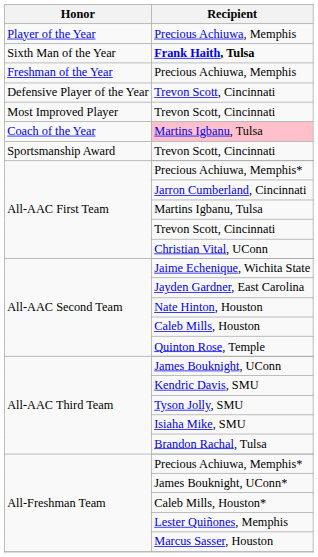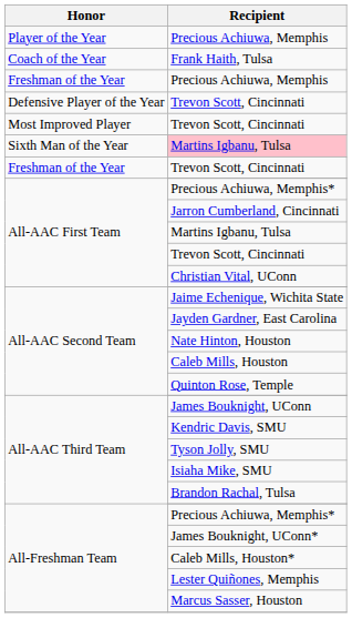 <table class="wikitable" border="1">
 <tr>
 <th>Honor</th>
 <th>Recipient</th>
 </tr>
 <tr>
 <td><a href='#'>Player of the Year</a></td>
 <td><a href='#'>Precious Achiuwa</a>, Memphis</td>
 </tr>
 <tr>
-<td>Sixth Man of the Year</td>
-<td><strong><a href='#'>Frank Haith</a>, Tulsa</strong></td>
+<td><a href='#'>Coach of the Year</a></td>
+<td><a href='#'>Frank Haith</a>, Tulsa</td>
 </tr>
 <tr>
 <td><a href='#'>Freshman of the Year</a></td>
 <td>Precious Achiuwa, Memphis</td>
 </tr>
 <tr>
 <td>Defensive Player of the Year</td>
 <td><a href='#'>Trevon Scott</a>, Cincinnati</td>
 </tr>
 <tr>
 <td>Most Improved Player</td>
 <td>Trevon Scott, Cincinnati</td>
 </tr>
 <tr>
-<td><a href='#'>Coach of the Year</a></td>
+<td>Sixth Man of the Year</td>
 <td style="background: pink;"><a href='#'>Martins Igbanu</a>, Tulsa</td>
 </tr>
 <tr>
-<td>Sportsmanship Award</td>
+<td><a href='#'>Freshman of the Year</a></td>
 <td>Trevon Scott, Cincinnati</td>
 </tr>
 <tr>
 <td rowspan="6" valign="middle">All-AAC First Team</td>
 </tr>
 <tr>
 <td>Precious Achiuwa, Memphis*</td>
 </tr>
 <tr>
 <td><a href='#'>Jarron Cumberland</a>, Cincinnati</td>
 </tr>
 <tr>
 <td>Martins Igbanu, Tulsa</td>
 </tr>
 <tr>
 <td>Trevon Scott, Cincinnati</td>
 </tr>
 <tr>
 <td><a href='#'>Christian Vital</a>, UConn</td>
 </tr>
 <tr>
 <td rowspan="6" valign="middle">All-AAC Second Team</td>
 </tr>
 <tr>
 <td><a href='#'>Jaime Echenique</a>, Wichita State</td>
 </tr>
 <tr>
 <td><a href='#'>Jayden Gardner</a>, East Carolina</td>
 </tr>
 <tr>
 <td><a href='#'>Nate Hinton</a>, Houston</td>
 </tr>
 <tr>
 <td><a href='#'>Caleb Mills</a>, Houston</td>
 </tr>
 <tr>
 <td><a href='#'>Quinton Rose</a>, Temple</td>
 </tr>
 <tr>
 <td rowspan="6" valign="middle">All-AAC Third Team</td>
 </tr>
 <tr>
 <td><a href='#'>James Bouknight</a>, UConn</td>
 </tr>
 <tr>
 <td><a href='#'>Kendric Davis</a>, SMU</td>
 </tr>
 <tr>
 <td><a href='#'>Tyson Jolly</a>, SMU</td>
 </tr>
 <tr>
 <td><a href='#'>Isiaha Mike</a>, SMU</td>
 </tr>
 <tr>
 <td><a href='#'>Brandon Rachal</a>, Tulsa</td>
 </tr>
 <tr>
 <td rowspan="6" valign="middle">All-Freshman Team</td>
 </tr>
 <tr>
 <td>Precious Achiuwa, Memphis*</td>
 </tr>
 <tr>
 <td>James Bouknight, UConn*</td>
 </tr>
 <tr>
 <td>Caleb Mills, Houston*</td>
 </tr>
 <tr>
 <td><a href='#'>Lester Quiñones</a>, Memphis</td>
 </tr>
 <tr>
 <td><a href='#'>Marcus Sasser</a>, Houston</td>
 </tr>
 <tr>
 </tr>
 </table>
